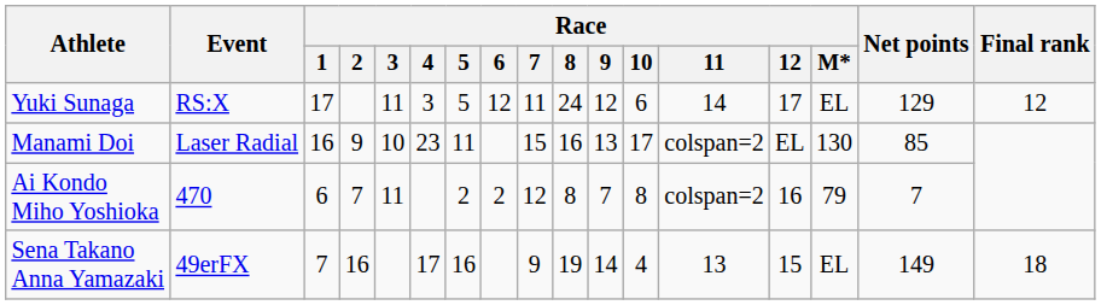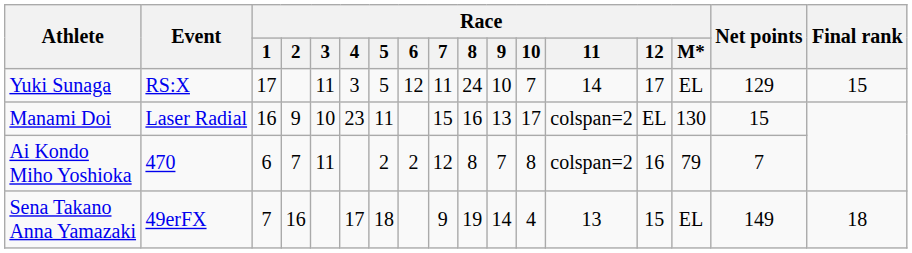 <table class="wikitable" style="font-size:90%">
 <tr>
 <th rowspan="2">Athlete</th>
 <th rowspan="2">Event</th>
 <th colspan=13>Race</th>
 <th rowspan=2>Net points</th>
 <th rowspan=2>Final rank</th>
 </tr>
 <tr style="font-size:95%">
 <th>1</th>
 <th>2</th>
 <th>3</th>
 <th>4</th>
 <th>5</th>
 <th>6</th>
 <th>7</th>
 <th>8</th>
 <th>9</th>
 <th>10</th>
 <th>11</th>
 <th>12</th>
 <th>M*</th>
 </tr>
 <tr align=center>
 <td align=left><a href='#'>Yuki Sunaga</a></td>
 <td align=left><a href='#'>RS:X</a></td>
 <td>17</td>
 <td></td>
 <td>11</td>
 <td>3</td>
 <td>5</td>
 <td>12</td>
 <td>11</td>
 <td>24</td>
-<td>12</td>
-<td>6</td>
+<td>10</td>
+<td>7</td>
 <td>14</td>
 <td>17</td>
 <td>EL</td>
 <td>129</td>
-<td>12</td>
+<td>15</td>
 </tr>
 <tr align=center>
 <td align=left><a href='#'>Manami Doi</a></td>
 <td align=left><a href='#'>Laser Radial</a></td>
 <td>16</td>
 <td>9</td>
 <td>10</td>
 <td>23</td>
 <td>11</td>
 <td></td>
 <td>15</td>
 <td>16</td>
 <td>13</td>
 <td>17</td>
 <td>colspan=2 </td>
 <td>EL</td>
 <td>130</td>
-<td>85</td>
+<td>15</td>
 </tr>
 <tr align=center>
 <td align=left><a href='#'>Ai Kondo</a><br><a href='#'>Miho Yoshioka</a></td>
 <td align=left><a href='#'>470</a></td>
 <td>6</td>
 <td>7</td>
 <td>11</td>
 <td></td>
 <td>2</td>
 <td>2</td>
 <td>12</td>
 <td>8</td>
 <td>7</td>
 <td>8</td>
 <td>colspan=2 </td>
 <td>16</td>
 <td>79</td>
 <td>7</td>
 </tr>
 <tr align=center>
 <td align=left><a href='#'>Sena Takano</a><br><a href='#'>Anna Yamazaki</a></td>
 <td align=left><a href='#'>49erFX</a></td>
 <td>7</td>
 <td>16</td>
 <td></td>
 <td>17</td>
-<td>16</td>
+<td>18</td>
 <td></td>
 <td>9</td>
 <td>19</td>
 <td>14</td>
 <td>4</td>
 <td>13</td>
 <td>15</td>
 <td>EL</td>
 <td>149</td>
 <td>18</td>
 </tr>
 </table>
